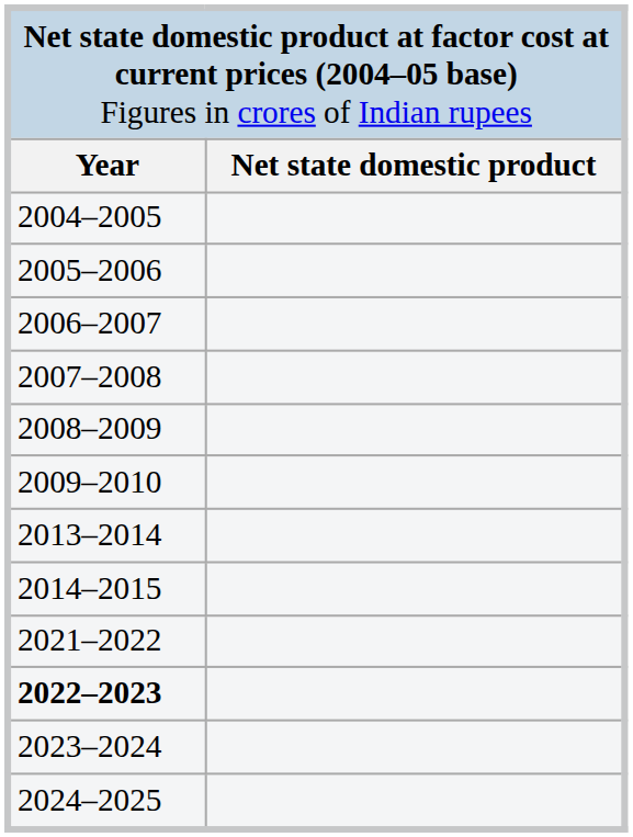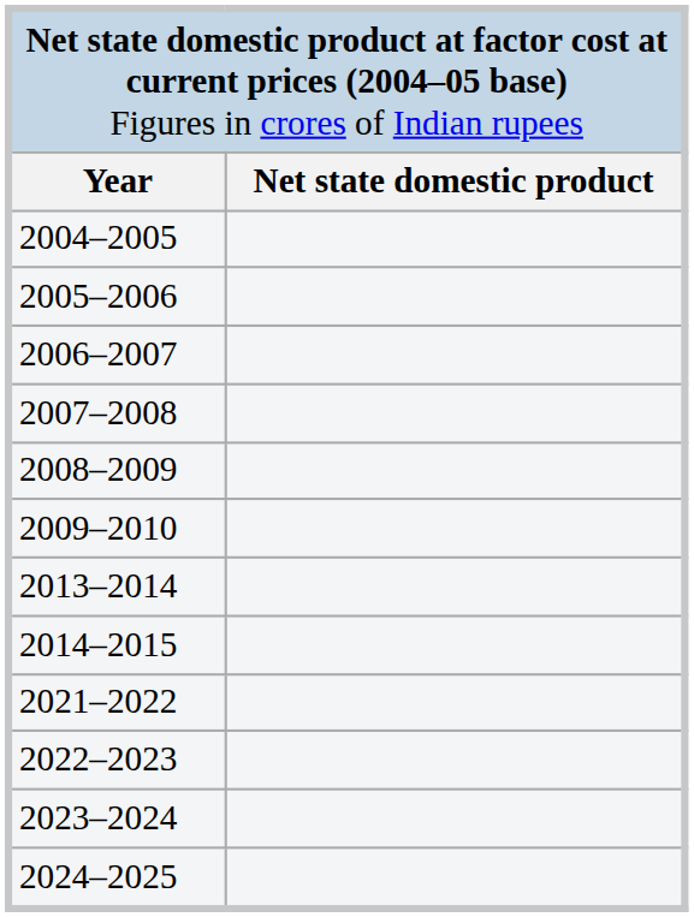 <table class="wikitable floatright" style="width:280px; background:#f4f5f6; border:#c6c7c8 solid; font-size:90%;">
 <tr>
 <td colspan="2" style="background:#c2d6e5; text-align:center;"><strong>Net state domestic product at factor cost at current prices (2004–05 base)</strong><br>Figures in <a href='#'>crores</a> of <a href='#'>Indian rupees</a></td>
 </tr>
 <tr>
 <th>Year</th>
 <th>Net state domestic product</th>
 </tr>
 <tr>
 <td>2004–2005</td>
 <td></td>
 </tr>
 <tr>
 <td>2005–2006</td>
 <td></td>
 </tr>
 <tr>
 <td>2006–2007</td>
 <td></td>
 </tr>
 <tr>
 <td>2007–2008</td>
 <td></td>
 </tr>
 <tr>
 <td>2008–2009</td>
 <td></td>
 </tr>
 <tr>
 <td>2009–2010</td>
 <td></td>
 </tr>
 <tr>
 <td>2013–2014</td>
 <td></td>
 </tr>
 <tr>
 <td>2014–2015</td>
 <td></td>
 </tr>
 <tr>
 <td>2021–2022</td>
 <td></td>
 </tr>
 <tr>
-<td><strong>2022–2023</strong></td>
+<td>2022–2023</td>
 <td></td>
 </tr>
 <tr>
 <td>2023–2024</td>
 <td></td>
 </tr>
 <tr>
 <td>2024–2025</td>
 <td></td>
 </tr>
 </table>
